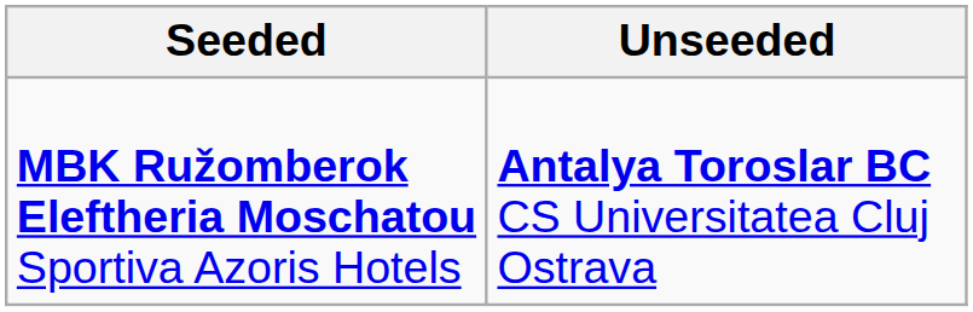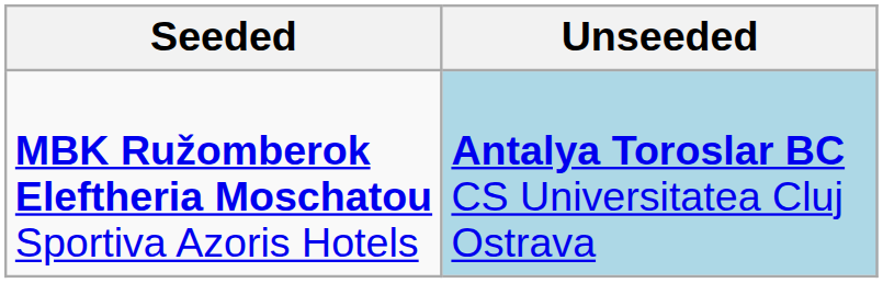 <table class="wikitable">
 <tr>
 <th width=50%>Seeded</th>
 <th width=50%>Unseeded</th>
 </tr>
 <tr>
 <td><br> <strong><a href='#'>MBK Ružomberok</a></strong><br>  <strong><a href='#'>Eleftheria Moschatou</a></strong><br>  <a href='#'>Sportiva Azoris Hotels</a><br></td>
-<td><br> <strong><a href='#'>Antalya Toroslar BC</a></strong><br>  <a href='#'>CS Universitatea Cluj</a><br>  <a href='#'>Ostrava</a><br></td>
+<td style="background: lightblue;"><br> <strong><a href='#'>Antalya Toroslar BC</a></strong><br>  <a href='#'>CS Universitatea Cluj</a><br>  <a href='#'>Ostrava</a><br></td>
 </tr>
 </table>
